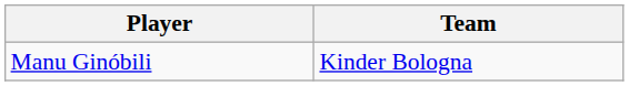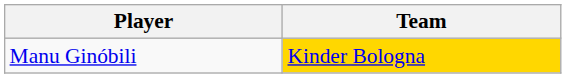 <table class="wikitable" style="text-align: left">
 <tr>
 <th style="width:200px;">Player</th>
 <th style="width:200px;">Team</th>
 </tr>
 <tr>
 <td> <a href='#'>Manu Ginóbili</a></td>
-<td> <a href='#'>Kinder Bologna</a></td>
+<td style="background: gold;"> <a href='#'>Kinder Bologna</a></td>
 </tr>
 </table>
